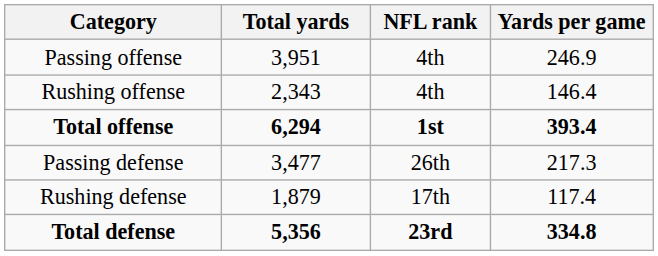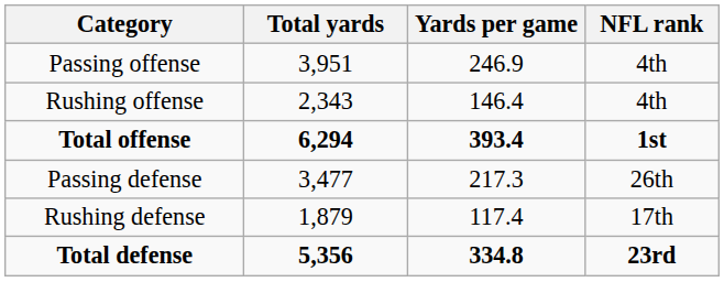 <table class="wikitable" style="text-align:center">
 <tr>
 <th width=150px>Category</th>
 <th width=100px>Total yards</th>
+<th width=110px>Yards per game</th>
 <th width=80px>NFL rank<br></th>
-<th width=110px>Yards per game</th>
 </tr>
 <tr>
 <td>Passing offense</td>
 <td>3,951</td>
+<td>246.9</td>
 <td>4th</td>
-<td>246.9</td>
 </tr>
 <tr>
 <td>Rushing offense</td>
 <td>2,343</td>
+<td>146.4</td>
 <td>4th</td>
-<td>146.4</td>
 </tr>
 <tr>
 <td><strong>Total offense</strong></td>
 <td><strong>6,294</strong></td>
+<td><strong>393.4</strong></td>
 <td><strong>1st</strong></td>
-<td><strong>393.4</strong></td>
 </tr>
 <tr>
 <td>Passing defense</td>
 <td>3,477</td>
+<td>217.3</td>
 <td>26th</td>
-<td>217.3</td>
 </tr>
 <tr>
 <td>Rushing defense</td>
 <td>1,879</td>
+<td>117.4</td>
 <td>17th</td>
-<td>117.4</td>
 </tr>
 <tr>
 <td><strong>Total defense</strong></td>
 <td><strong>5,356</strong></td>
+<td><strong>334.8</strong></td>
 <td><strong>23rd</strong></td>
-<td><strong>334.8</strong></td>
 </tr>
 </table>
